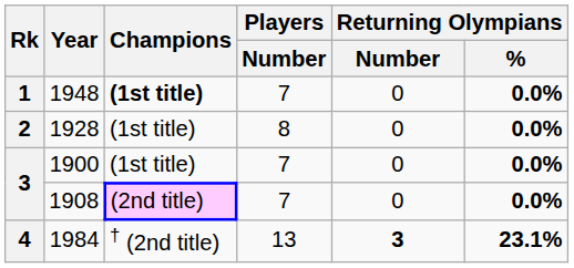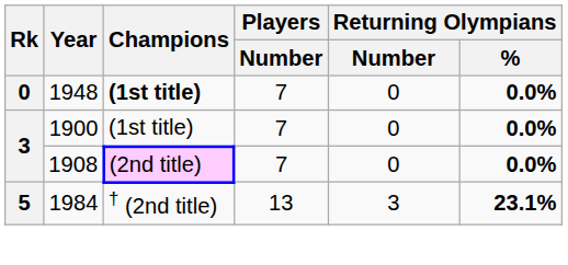 <table class="wikitable sortable sticky-header-multi" style="text-align: center; display: inline-table;">
 <tr>
 <th scope="col" rowspan="2">Rk</th>
 <th scope="col" rowspan="2">Year</th>
 <th scope="col" rowspan="2">Champions</th>
 <th scope="col" class="unsortable">Players</th>
 <th scope="colgroup" colspan="2" class="unsortable">Returning Olympians</th>
 </tr>
 <tr>
 <th scope="col">Number</th>
 <th scope="col">Number</th>
 <th scope="col">%</th>
 </tr>
 <tr>
-<th scope="row">1</th>
+<th scope="row">0</th>
 <td>1948</td>
 <td style="text-align: left;"><strong> (1st title)</strong></td>
 <td>7</td>
-<td>0</td>
-<td style="text-align: right;"><strong>0.0%</strong></td>
-</tr>
-<tr>
-<th scope="row">2</th>
-<td>1928</td>
-<td style="text-align: left;"> (1st title)</td>
-<td>8</td>
 <td>0</td>
 <td style="text-align: right;"><strong>0.0%</strong></td>
 </tr>
 <tr>
 <th scope="rowgroup" rowspan="2">3</th>
 <td>1900</td>
 <td style="text-align: left;"> (1st title)</td>
 <td>7</td>
 <td>0</td>
 <td style="text-align: right;"><strong>0.0%</strong></td>
 </tr>
 <tr>
 <td>1908</td>
 <td style="border: 2px solid blue; background-color: #ffccff; text-align: left;"> (2nd title)</td>
 <td>7</td>
 <td>0</td>
 <td style="text-align: right;"><strong>0.0%</strong></td>
 </tr>
 <tr>
-<th scope="row">4</th>
+<th scope="row">5</th>
 <td>1984</td>
 <td style="text-align: left;"><em></em><sup>†</sup> (2nd title)</td>
 <td>13</td>
-<td><strong>3</strong></td>
+<td>3</td>
 <td style="text-align: right;"><strong>23.1%</strong></td>
 </tr>
 </table>
